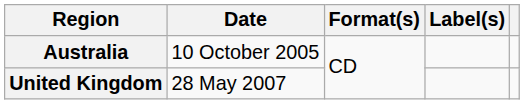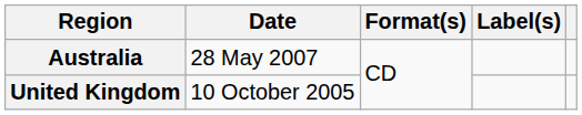 <table class="wikitable plainrowheaders">
 <tr>
 <th scope="col">Region</th>
 <th scope="col">Date</th>
 <th scope="col">Format(s)</th>
 <th scope="col">Label(s)</th>
 <th scope="col"></th>
 </tr>
 <tr>
 <th scope="row">Australia</th>
-<td>10 October 2005</td>
+<td>28 May 2007</td>
 <td rowspan="2">CD</td>
 <td></td>
 <td></td>
 </tr>
 <tr>
 <th scope="row">United Kingdom</th>
-<td>28 May 2007</td>
+<td>10 October 2005</td>
 <td></td>
 <td></td>
 </tr>
 </table>
